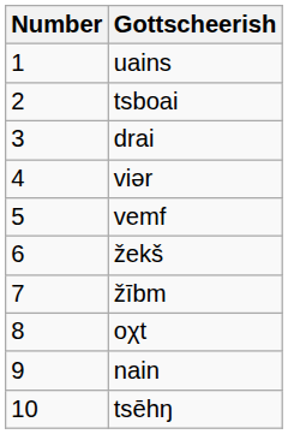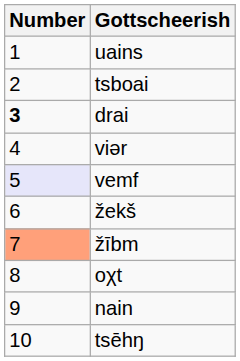 <table class="wikitable">
 <tr>
 <th>Number</th>
 <th>Gottscheerish</th>
 </tr>
 <tr>
 <td>1</td>
 <td>uains</td>
 </tr>
 <tr>
 <td>2</td>
 <td>tsboai</td>
 </tr>
 <tr>
-<td>3</td>
+<td><strong>3</strong></td>
 <td>drai</td>
 </tr>
 <tr>
 <td>4</td>
 <td>viər</td>
 </tr>
 <tr>
-<td>5</td>
+<td style="background: lavender;">5</td>
 <td>vemf</td>
 </tr>
 <tr>
 <td>6</td>
 <td>žekš</td>
 </tr>
 <tr>
-<td>7</td>
+<td style="background: lightsalmon;">7</td>
 <td>žībm</td>
 </tr>
 <tr>
 <td>8</td>
 <td>oχt</td>
 </tr>
 <tr>
 <td>9</td>
 <td>nain</td>
 </tr>
 <tr>
 <td>10</td>
 <td>tsēhŋ</td>
 </tr>
 </table>
